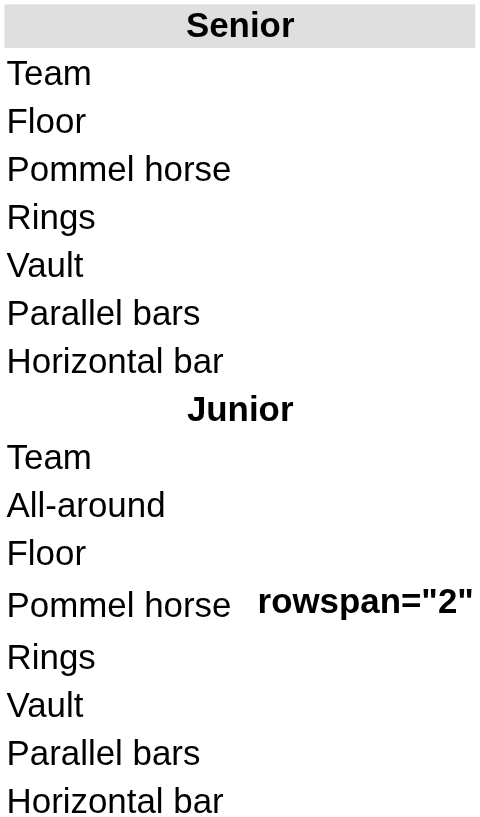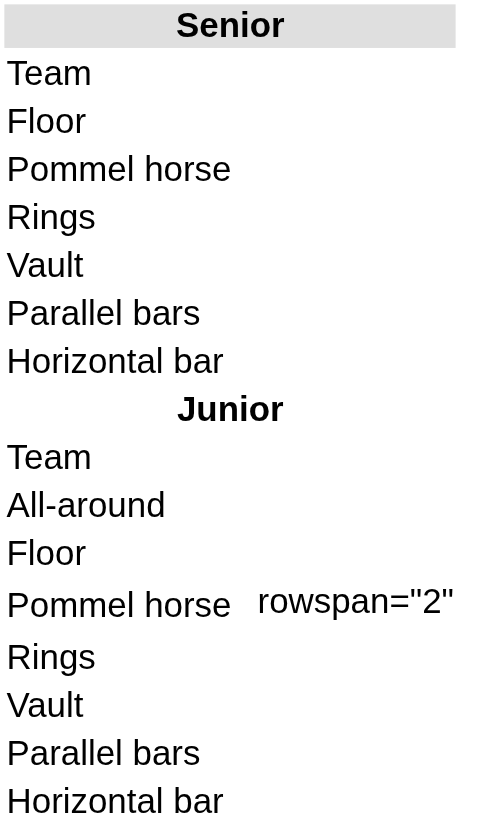 <table>
 <tr bgcolor="DFDFDF">
 <th colspan="4">Senior</th>
 </tr>
 <tr>
 <td>Team<br></td>
 <td><br></td>
 <td><br></td>
 <td><br></td>
 </tr>
 <tr>
 <td>Floor<br></td>
 <td></td>
 <td></td>
 <td></td>
 </tr>
 <tr>
 <td>Pommel horse<br></td>
 <td></td>
 <td></td>
 <td></td>
 </tr>
 <tr>
 <td>Rings<br></td>
 <td></td>
 <td></td>
 <td></td>
 </tr>
 <tr>
 <td>Vault<br></td>
 <td></td>
 <td></td>
 <td></td>
 </tr>
 <tr>
 <td>Parallel bars<br></td>
 <td></td>
 <td></td>
 <td></td>
 </tr>
 <tr>
 <td>Horizontal bar<br></td>
 <td></td>
 <td></td>
 <td></td>
 </tr>
 <tr>
 <th colspan="4">Junior</th>
 </tr>
 <tr>
 <td>Team<br></td>
 <td><br></td>
 <td><br></td>
 <td><br></td>
 </tr>
 <tr>
 <td>All-around<br></td>
 <td></td>
 <td></td>
 <td></td>
 </tr>
 <tr>
 <td>Floor<br></td>
 <td></td>
 <td></td>
 <td></td>
 </tr>
 <tr>
 <td rowspan="2">Pommel horse<br></td>
 <td rowspan="2"></td>
 <td></td>
-<td><strong>rowspan="2" </strong></td>
+<td>rowspan="2" </td>
 </tr>
 <tr>
 <td></td>
 </tr>
 <tr>
 <td>Rings<br></td>
 <td></td>
 <td></td>
 <td></td>
 </tr>
 <tr>
 <td>Vault<br></td>
 <td></td>
 <td></td>
 <td></td>
 </tr>
 <tr>
 <td>Parallel bars<br></td>
 <td></td>
 <td></td>
 <td></td>
 </tr>
 <tr>
 <td>Horizontal bar<br></td>
 <td></td>
 <td></td>
 <td></td>
 </tr>
 </table>
